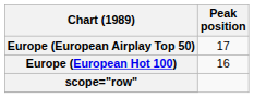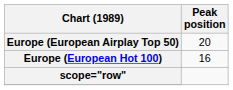 <table class="wikitable sortable plainrowheaders">
 <tr>
 <th>Chart (1989)</th>
 <th>Peak<br>position</th>
 </tr>
 <tr>
 <th scope="row">Europe (European Airplay Top 50)</th>
-<td align="center">17</td>
+<td align="center">20</td>
 </tr>
 <tr>
 <th scope="row">Europe (<a href='#'>European Hot 100</a>)</th>
 <td align="center">16</td>
 </tr>
 <tr>
 <th>scope="row"</th>
 </tr>
 <tr>
 </tr>
 </table>
